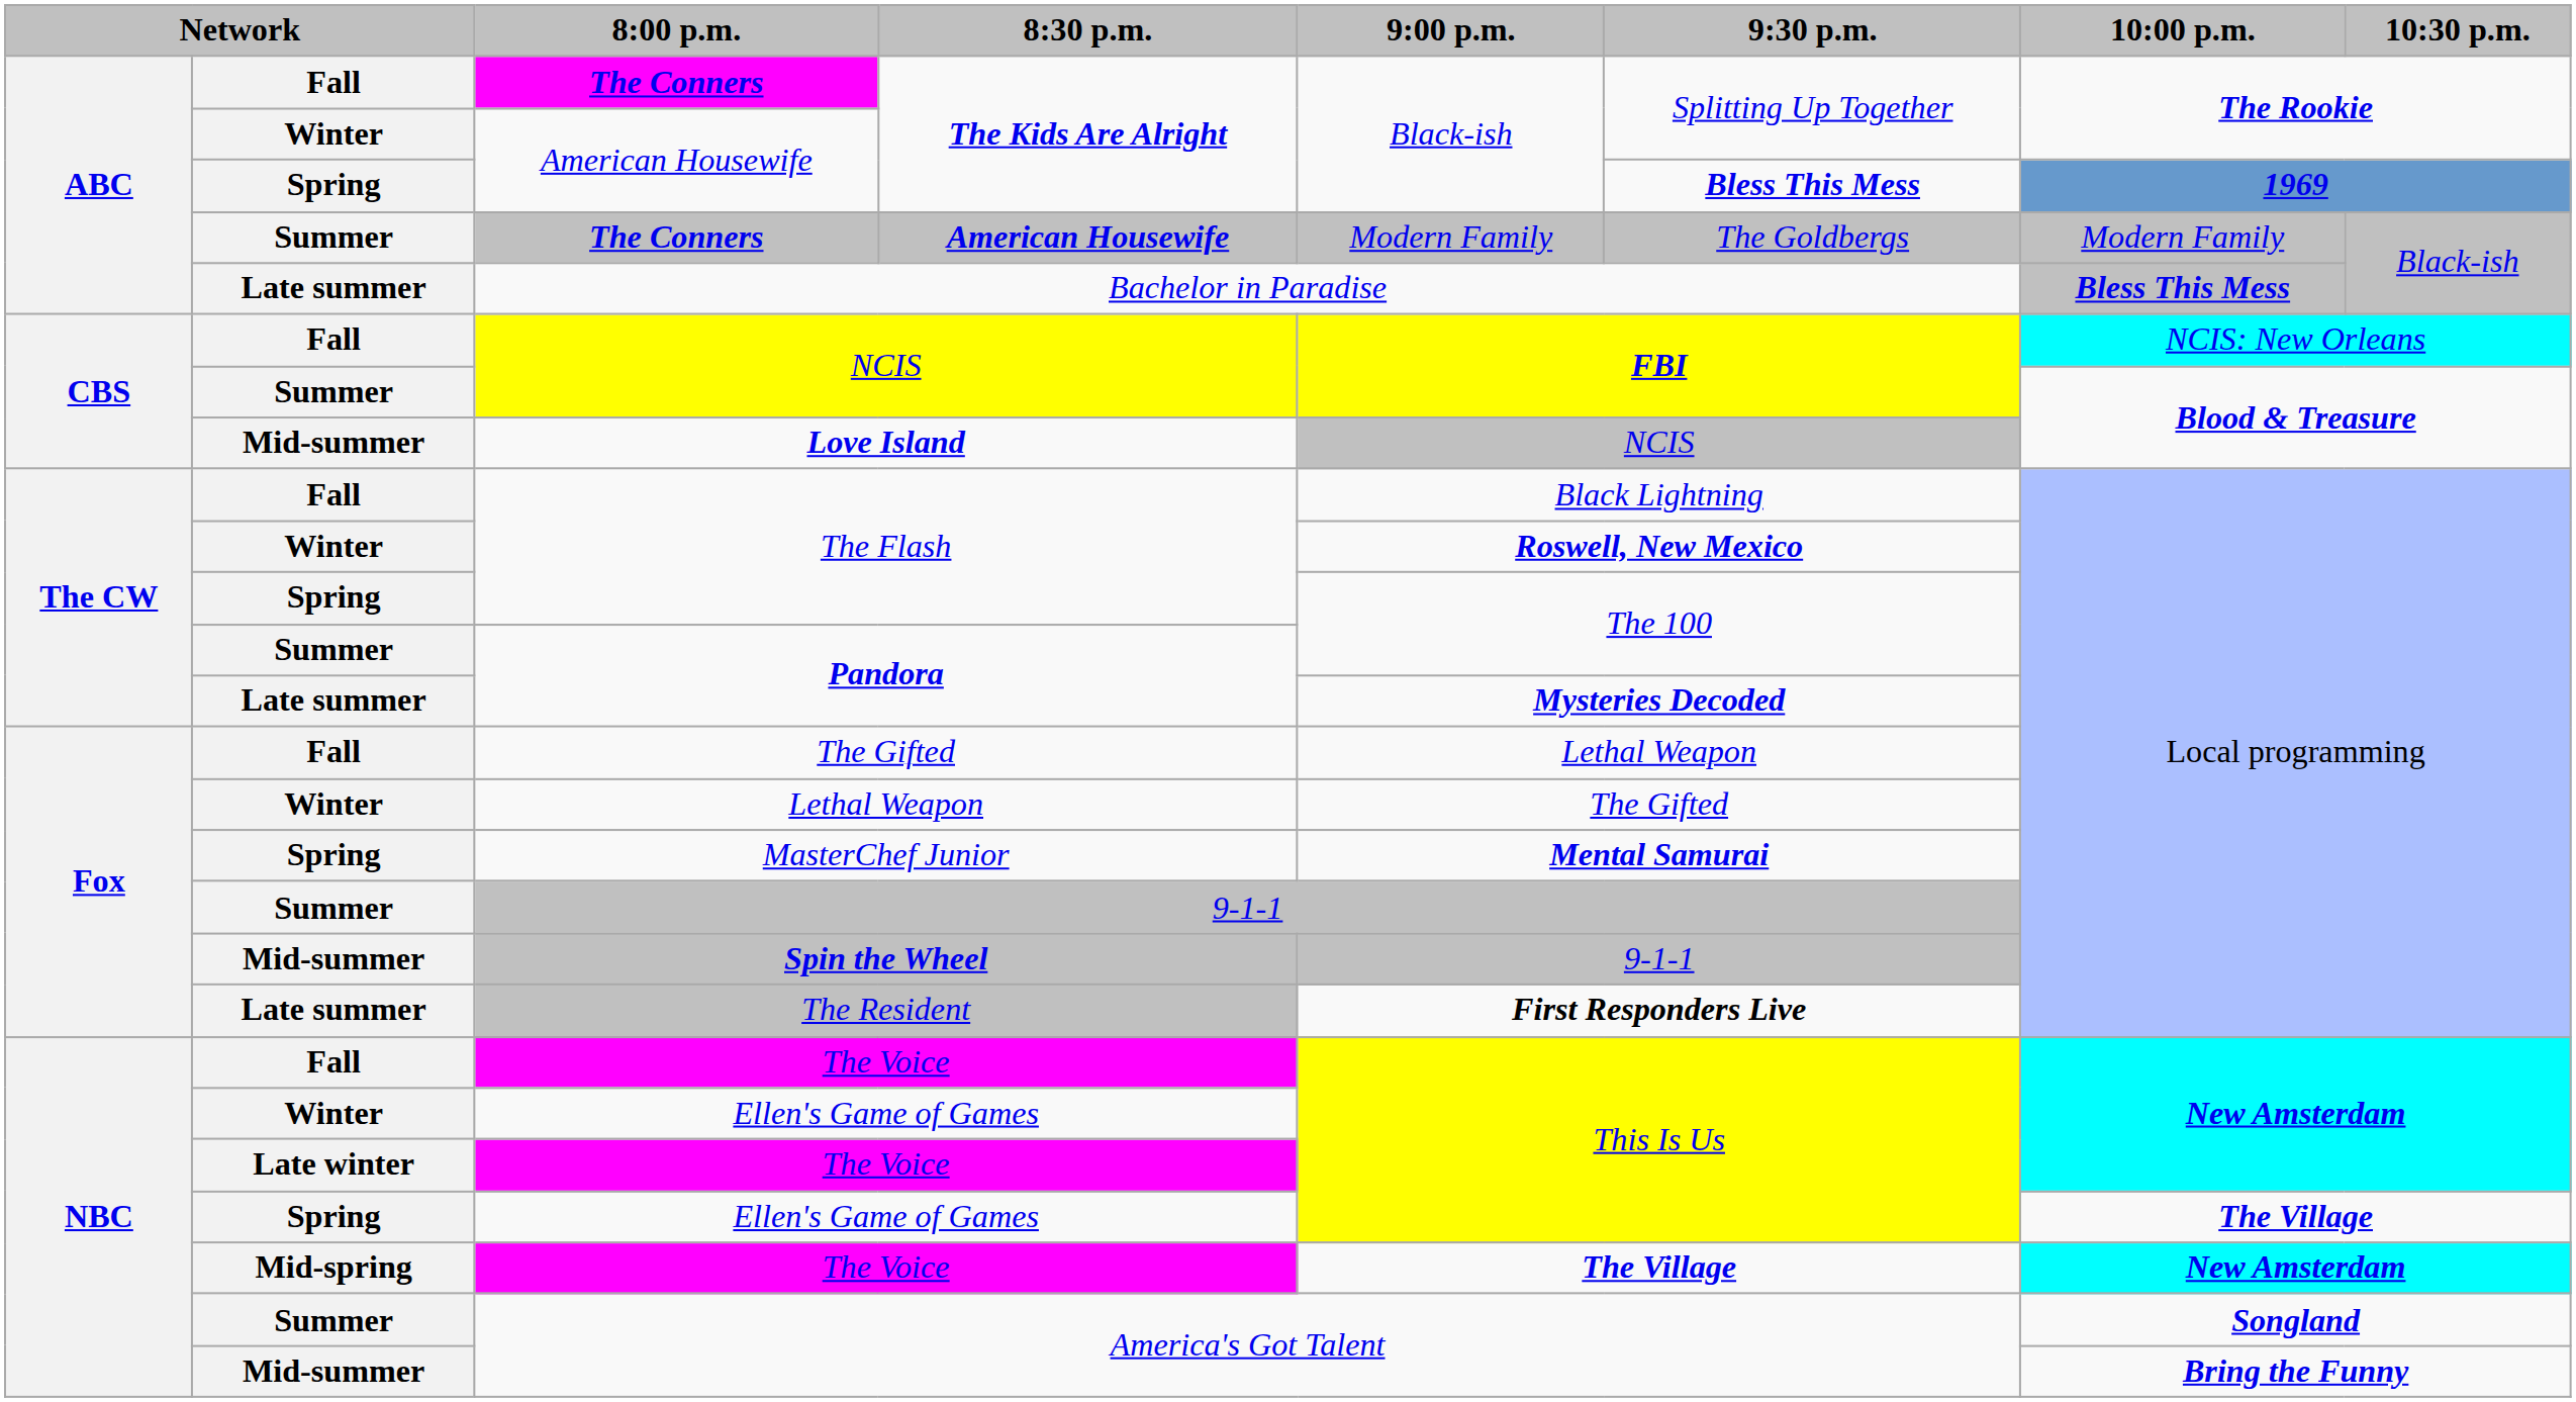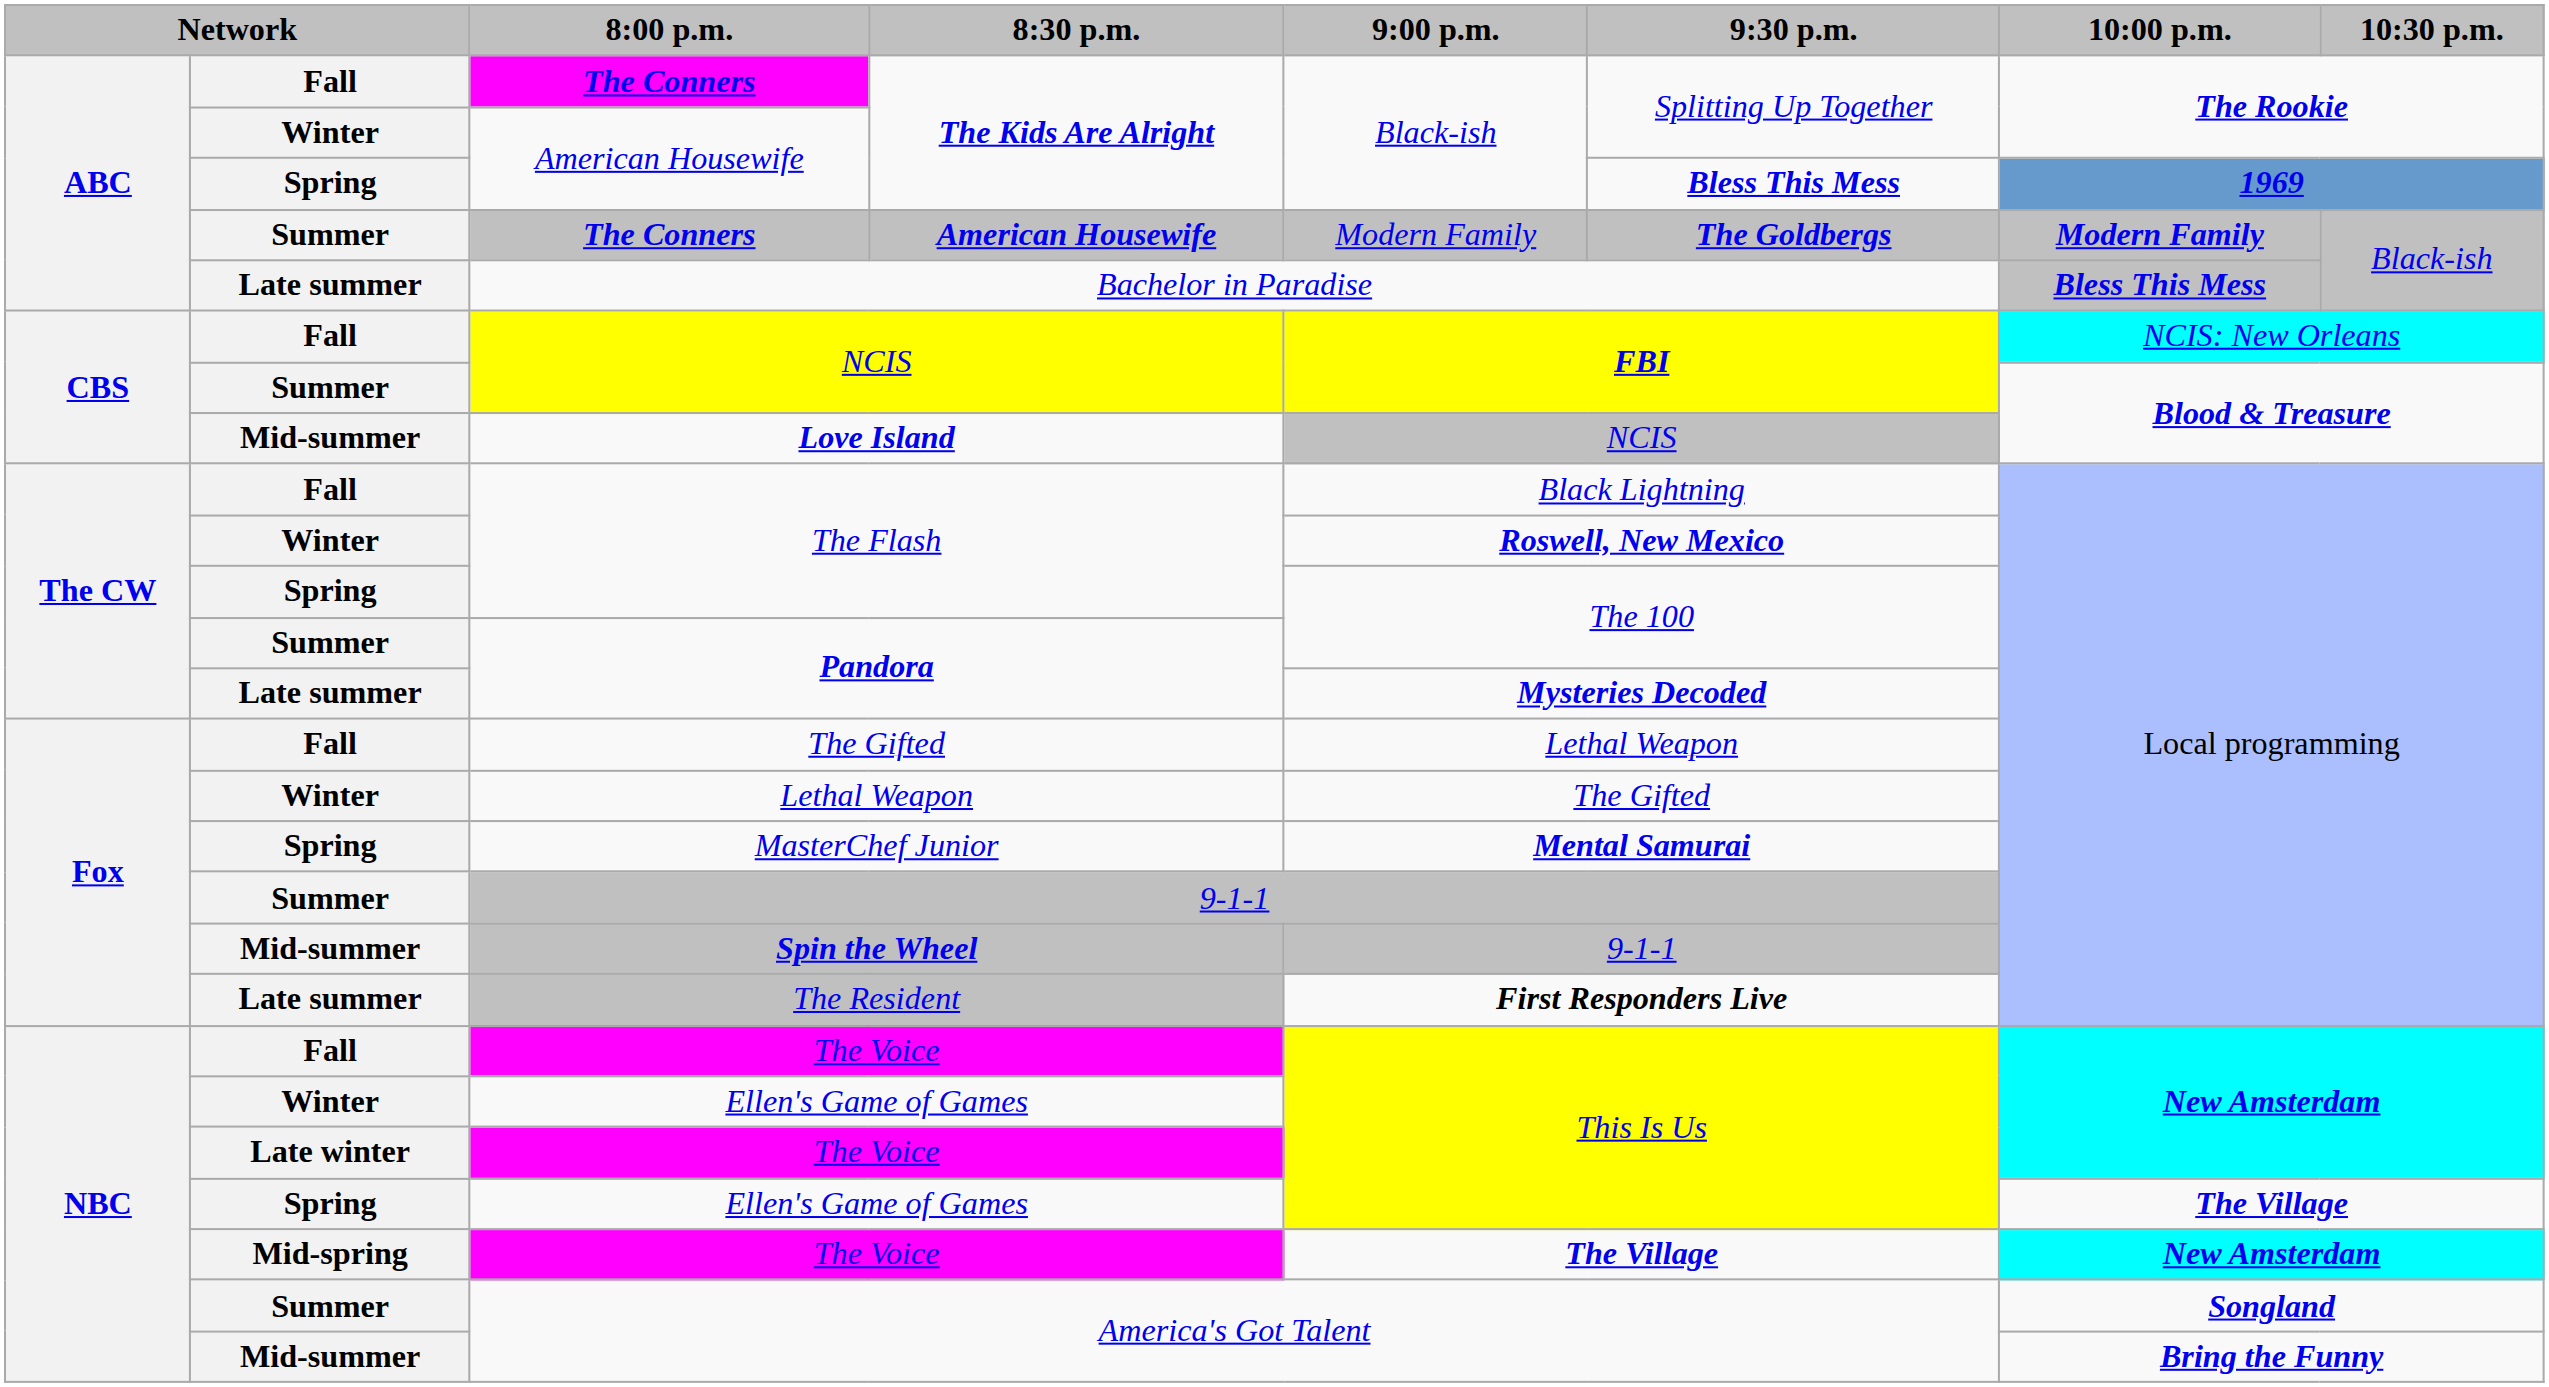 <table class="wikitable" style="width:100%;margin-right:0;text-align:center">
 <tr>
 <th colspan="2" style="background-color:#C0C0C0;text-align:center">Network</th>
 <th style="background-color:#C0C0C0;text-align:center">8:00 p.m.</th>
 <th style="background-color:#C0C0C0;text-align:center">8:30 p.m.</th>
 <th style="background-color:#C0C0C0;text-align:center">9:00 p.m.</th>
 <th style="background-color:#C0C0C0;text-align:center">9:30 p.m.</th>
 <th style="background-color:#C0C0C0;text-align:center">10:00 p.m.</th>
 <th style="background-color:#C0C0C0;text-align:center">10:30 p.m.</th>
 </tr>
 <tr>
 <th rowspan="5"><a href='#'>ABC</a></th>
 <th>Fall</th>
 <td style="background:#FF00FF;"><strong><em><a href='#'>The Conners</a></em></strong> </td>
 <td rowspan="3"><strong><em><a href='#'>The Kids Are Alright</a></em></strong></td>
 <td rowspan="3"><em><a href='#'>Black-ish</a></em></td>
 <td rowspan="2"><em><a href='#'>Splitting Up Together</a></em></td>
 <td rowspan="2" colspan="2"><strong><em><a href='#'>The Rookie</a></em></strong></td>
 </tr>
 <tr>
 <th>Winter</th>
 <td rowspan="2"><em><a href='#'>American Housewife</a></em></td>
 </tr>
 <tr>
 <th>Spring</th>
 <td><strong><em><a href='#'>Bless This Mess</a></em></strong></td>
 <td colspan="2" style="background:#6699CC;"><strong><em><a href='#'>1969</a></em></strong></td>
 </tr>
 <tr>
 <th>Summer</th>
 <td style="background:#C0C0C0;"><strong><em><a href='#'>The Conners</a></em></strong> </td>
 <td style="background:#C0C0C0;"><strong><em><a href='#'>American Housewife</a></em> </strong></td>
 <td style="background:#C0C0C0;"><em><a href='#'>Modern Family</a></em> </td>
-<td style="background:#C0C0C0;"><em><a href='#'>The Goldbergs</a></em> </td>
-<td style="background:#C0C0C0;"><em><a href='#'>Modern Family</a></em> </td>
+<td style="background:#C0C0C0;"><strong><em><a href='#'>The Goldbergs</a></em> </strong></td>
+<td style="background:#C0C0C0;"><strong><em><a href='#'>Modern Family</a></em> </strong></td>
 <td rowspan="2" style="background:#C0C0C0;"><em><a href='#'>Black-ish</a></em> </td>
 </tr>
 <tr>
 <th>Late summer</th>
 <td colspan="4"><em><a href='#'>Bachelor in Paradise</a></em></td>
 <td style="background:#C0C0C0;"><strong><em><a href='#'>Bless This Mess</a></em></strong> </td>
 </tr>
 <tr>
 <th rowspan="3"><a href='#'>CBS</a></th>
 <th>Fall</th>
 <td rowspan="2" colspan="2" style="background:#FFFF00;"><em><a href='#'>NCIS</a></em> </td>
 <td rowspan="2" colspan="2" style="background:#FFFF00;"><strong><em><a href='#'>FBI</a></em></strong> </td>
 <td colspan="2" style="background:#00FFFF;"><em><a href='#'>NCIS: New Orleans</a></em> </td>
 </tr>
 <tr>
 <th>Summer</th>
 <td rowspan="2" colspan="2"><strong><em><a href='#'>Blood & Treasure</a></em></strong></td>
 </tr>
 <tr>
 <th>Mid-summer</th>
 <td colspan="2"><strong><em><a href='#'>Love Island</a></em></strong></td>
 <td colspan="2" style="background:#C0C0C0;"><em><a href='#'>NCIS</a></em> </td>
 </tr>
 <tr>
 <th rowspan="5"><a href='#'>The CW</a></th>
 <th>Fall</th>
 <td rowspan="3" colspan="2"><em><a href='#'>The Flash</a></em></td>
 <td colspan="2"><em><a href='#'>Black Lightning</a></em></td>
 <td rowspan="11" colspan="2" style="background:#abbfff;">Local programming</td>
 </tr>
 <tr>
 <th>Winter</th>
 <td colspan="2"><strong><em><a href='#'>Roswell, New Mexico</a></em></strong></td>
 </tr>
 <tr>
 <th>Spring</th>
 <td rowspan="2" colspan="2"><em><a href='#'>The 100</a></em></td>
 </tr>
 <tr>
 <th>Summer</th>
 <td rowspan="2" colspan="2"><strong><em><a href='#'>Pandora</a></em></strong></td>
 </tr>
 <tr>
 <th>Late summer</th>
 <td colspan="2"><strong><em><a href='#'>Mysteries Decoded</a></em></strong></td>
 </tr>
 <tr>
 <th rowspan="6"><a href='#'>Fox</a></th>
 <th>Fall</th>
 <td colspan="2"><em><a href='#'>The Gifted</a></em></td>
 <td colspan="2"><em><a href='#'>Lethal Weapon</a></em></td>
 </tr>
 <tr>
 <th>Winter</th>
 <td colspan="2"><em><a href='#'>Lethal Weapon</a></em></td>
 <td colspan="2"><em><a href='#'>The Gifted</a></em></td>
 </tr>
 <tr>
 <th>Spring</th>
 <td colspan="2"><em><a href='#'>MasterChef Junior</a></em></td>
 <td colspan="2"><strong><em><a href='#'>Mental Samurai</a></em></strong></td>
 </tr>
 <tr>
 <th>Summer</th>
 <td colspan="4" style="background:#C0C0C0;"><em><a href='#'>9-1-1</a></em> </td>
 </tr>
 <tr>
 <th>Mid-summer</th>
 <td colspan="2" style="background:#C0C0C0;"><strong><em><a href='#'>Spin the Wheel</a></em></strong> </td>
 <td colspan="2" style="background:#C0C0C0;"><em><a href='#'>9-1-1</a></em> </td>
 </tr>
 <tr>
 <th>Late summer</th>
 <td colspan="2" style="background:#C0C0C0;"><em><a href='#'>The Resident</a></em> </td>
 <td colspan="2"><strong><em>First Responders Live</em></strong></td>
 </tr>
 <tr>
 <th rowspan="7"><a href='#'>NBC</a></th>
 <th>Fall</th>
 <td colspan="2" style="background:#FF00FF;"><em><a href='#'>The Voice</a></em> </td>
 <td rowspan="4" colspan="2" style="background:#FFFF00;"><em><a href='#'>This Is Us</a></em> </td>
 <td rowspan="3" colspan="2" style="background:#00FFFF;"><strong><em><a href='#'>New Amsterdam</a></em></strong> </td>
 </tr>
 <tr>
 <th>Winter</th>
 <td colspan="2"><em><a href='#'>Ellen's Game of Games</a></em></td>
 </tr>
 <tr>
 <th>Late winter</th>
 <td colspan="2" style="background:#FF00FF;"><em><a href='#'>The Voice</a></em> </td>
 </tr>
 <tr>
 <th>Spring</th>
 <td colspan="2"><em><a href='#'>Ellen's Game of Games</a></em></td>
 <td colspan="2"><strong><em><a href='#'>The Village</a></em></strong></td>
 </tr>
 <tr>
 <th>Mid-spring</th>
 <td colspan="2" style="background:#FF00FF;"><em><a href='#'>The Voice</a></em> </td>
 <td colspan="2"><strong><em><a href='#'>The Village</a></em></strong></td>
 <td colspan="2" style="background:#00FFFF;"><strong><em><a href='#'>New Amsterdam</a></em></strong> </td>
 </tr>
 <tr>
 <th>Summer</th>
 <td rowspan="2" colspan="4"><em><a href='#'>America's Got Talent</a></em></td>
 <td colspan="2"><strong><em><a href='#'>Songland</a></em></strong></td>
 </tr>
 <tr>
 <th>Mid-summer</th>
 <td colspan="2"><strong><em><a href='#'>Bring the Funny</a></em></strong></td>
 </tr>
 </table>
